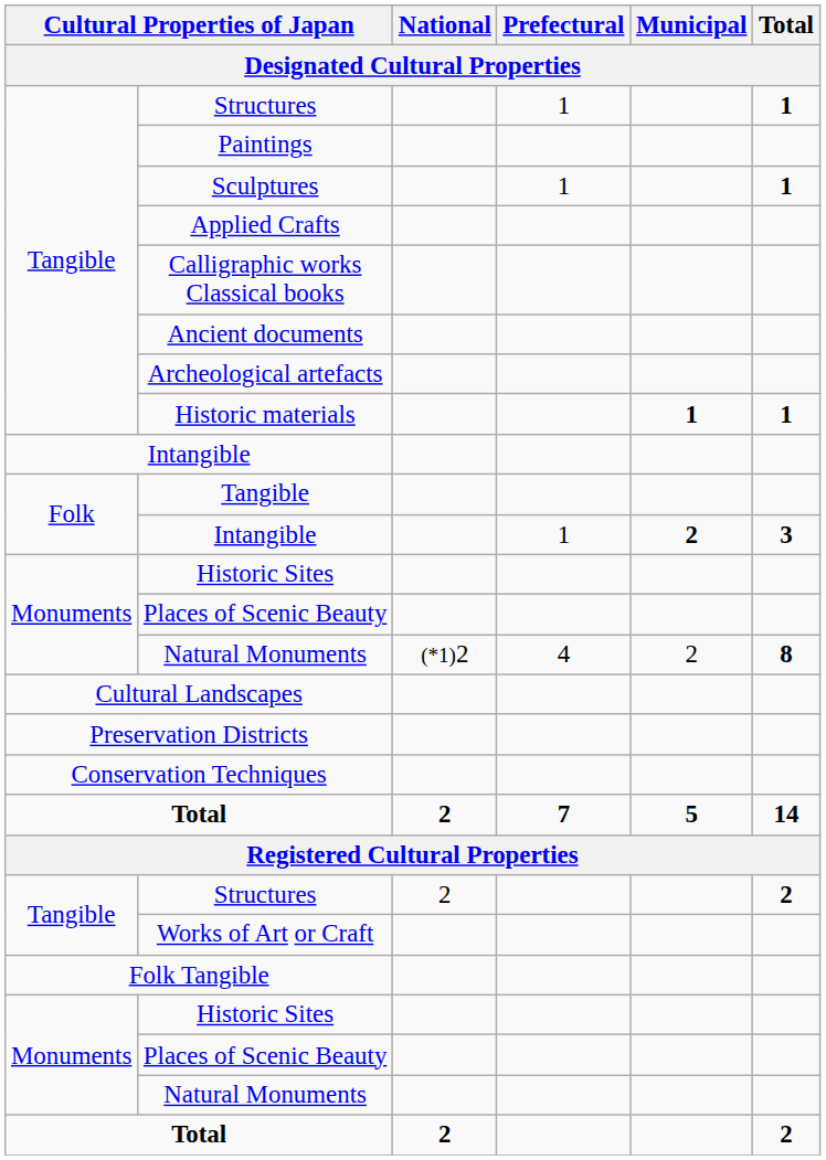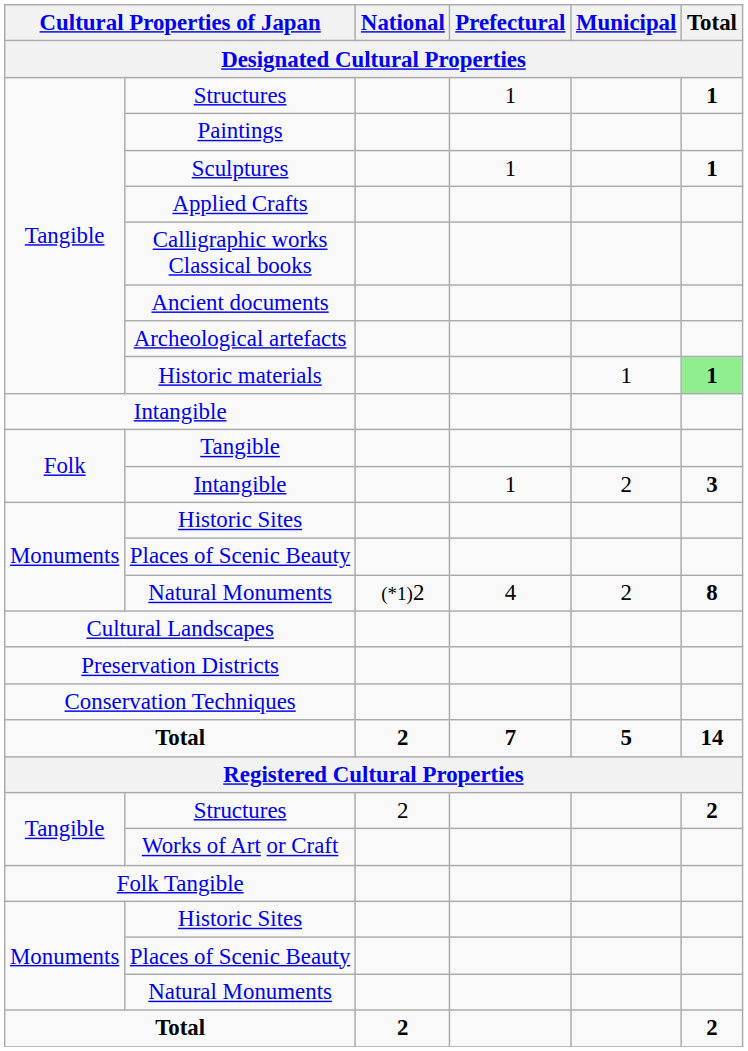 <table class="wikitable">
 <tr>
 <th colspan="2" style="text-align: center;"><a href='#'>Cultural Properties of Japan</a></th>
 <th><a href='#'>National</a></th>
 <th><a href='#'>Prefectural</a></th>
 <th><a href='#'>Municipal</a></th>
 <th><strong>Total</strong></th>
 </tr>
 <tr align="center">
 <th colspan="6" style="text-align: center;"><a href='#'>Designated Cultural Properties</a></th>
 </tr>
 <tr align="center">
 <td rowspan="8"><a href='#'>Tangible</a></td>
 <td><a href='#'>Structures</a></td>
 <td></td>
 <td>1</td>
 <td></td>
 <td><strong>1</strong></td>
 </tr>
 <tr align="center">
 <td><a href='#'>Paintings</a></td>
 <td><small></small></td>
 <td></td>
 <td></td>
 <td></td>
 </tr>
 <tr align="center">
 <td><a href='#'>Sculptures</a></td>
 <td></td>
 <td>1</td>
 <td></td>
 <td><strong>1</strong></td>
 </tr>
 <tr align="center">
 <td><a href='#'>Applied Crafts</a></td>
 <td></td>
 <td></td>
 <td></td>
 <td></td>
 </tr>
 <tr align="center">
 <td><a href='#'>Calligraphic works</a><br><a href='#'>Classical books</a></td>
 <td></td>
 <td></td>
 <td></td>
 <td></td>
 </tr>
 <tr align="center">
 <td><a href='#'>Ancient documents</a></td>
 <td></td>
 <td></td>
 <td></td>
 <td></td>
 </tr>
 <tr align="center">
 <td><a href='#'>Archeological artefacts</a></td>
 <td></td>
 <td></td>
 <td></td>
 <td></td>
 </tr>
 <tr align="center">
 <td><a href='#'>Historic materials</a></td>
 <td></td>
 <td></td>
-<td><strong>1</strong></td>
-<td><strong>1</strong></td>
+<td>1</td>
+<td style="background: lightgreen;"><strong>1</strong></td>
 </tr>
 <tr align="center">
 <td colspan="2" style="text-align: center;"><a href='#'>Intangible</a></td>
 <td></td>
 <td></td>
 <td></td>
 <td></td>
 </tr>
 <tr align="center">
 <td rowspan="2"><a href='#'>Folk</a></td>
 <td><a href='#'>Tangible</a></td>
 <td></td>
 <td></td>
 <td></td>
 <td></td>
 </tr>
 <tr align="center">
 <td><a href='#'>Intangible</a></td>
 <td></td>
 <td>1</td>
-<td><strong>2</strong></td>
+<td>2</td>
 <td><strong>3</strong></td>
 </tr>
 <tr align="center">
 <td rowspan="3"><a href='#'>Monuments</a></td>
 <td><a href='#'>Historic Sites</a></td>
 <td></td>
 <td></td>
 <td></td>
 <td></td>
 </tr>
 <tr align="center">
 <td><a href='#'>Places of Scenic Beauty</a></td>
 <td></td>
 <td></td>
 <td></td>
 <td></td>
 </tr>
 <tr align="center">
 <td><a href='#'>Natural Monuments</a></td>
 <td><small>(*1)</small>2</td>
 <td>4</td>
 <td>2</td>
 <td><strong>8</strong></td>
 </tr>
 <tr align="center">
 <td colspan="2" style="text-align: center;"><a href='#'>Cultural Landscapes</a></td>
 <td></td>
 <td></td>
 <td></td>
 <td></td>
 </tr>
 <tr align="center">
 <td colspan="2" style="text-align: center;"><a href='#'>Preservation Districts</a></td>
 <td></td>
 <td></td>
 <td></td>
 <td></td>
 </tr>
 <tr align="center">
 <td colspan="2" style="text-align: center;"><a href='#'>Conservation Techniques</a></td>
 <td></td>
 <td></td>
 <td></td>
 <td></td>
 </tr>
 <tr align="center">
 <td colspan="2" style="text-align: center;"><strong>Total</strong></td>
 <td><strong>2</strong></td>
 <td><strong>7</strong></td>
 <td><strong>5</strong></td>
 <td><strong>14</strong></td>
 </tr>
 <tr align="center">
 <th colspan="6" style="text-align: center;"><a href='#'>Registered Cultural Properties</a></th>
 </tr>
 <tr align="center">
 <td rowspan="2"><a href='#'>Tangible</a></td>
 <td><a href='#'>Structures</a></td>
 <td>2</td>
 <td></td>
 <td></td>
 <td><strong>2</strong></td>
 </tr>
 <tr align="center">
 <td><a href='#'>Works of Art</a> <a href='#'>or Craft</a></td>
 <td></td>
 <td></td>
 <td></td>
 <td></td>
 </tr>
 <tr align="center">
 <td colspan="2" style="text-align: center;"><a href='#'>Folk Tangible</a></td>
 <td></td>
 <td></td>
 <td></td>
 <td></td>
 </tr>
 <tr align="center">
 <td rowspan="3"><a href='#'>Monuments</a></td>
 <td><a href='#'>Historic Sites</a></td>
 <td></td>
 <td></td>
 <td></td>
 <td></td>
 </tr>
 <tr align="center">
 <td><a href='#'>Places of Scenic Beauty</a></td>
 <td></td>
 <td></td>
 <td></td>
 <td></td>
 </tr>
 <tr align="center">
 <td><a href='#'>Natural Monuments</a></td>
 <td></td>
 <td></td>
 <td></td>
 <td></td>
 </tr>
 <tr align="center">
 <td colspan="2" style="text-align: center;"><strong>Total</strong></td>
 <td><strong>2</strong></td>
 <td></td>
 <td></td>
 <td><strong>2</strong></td>
 </tr>
 <tr>
 </tr>
 </table>
